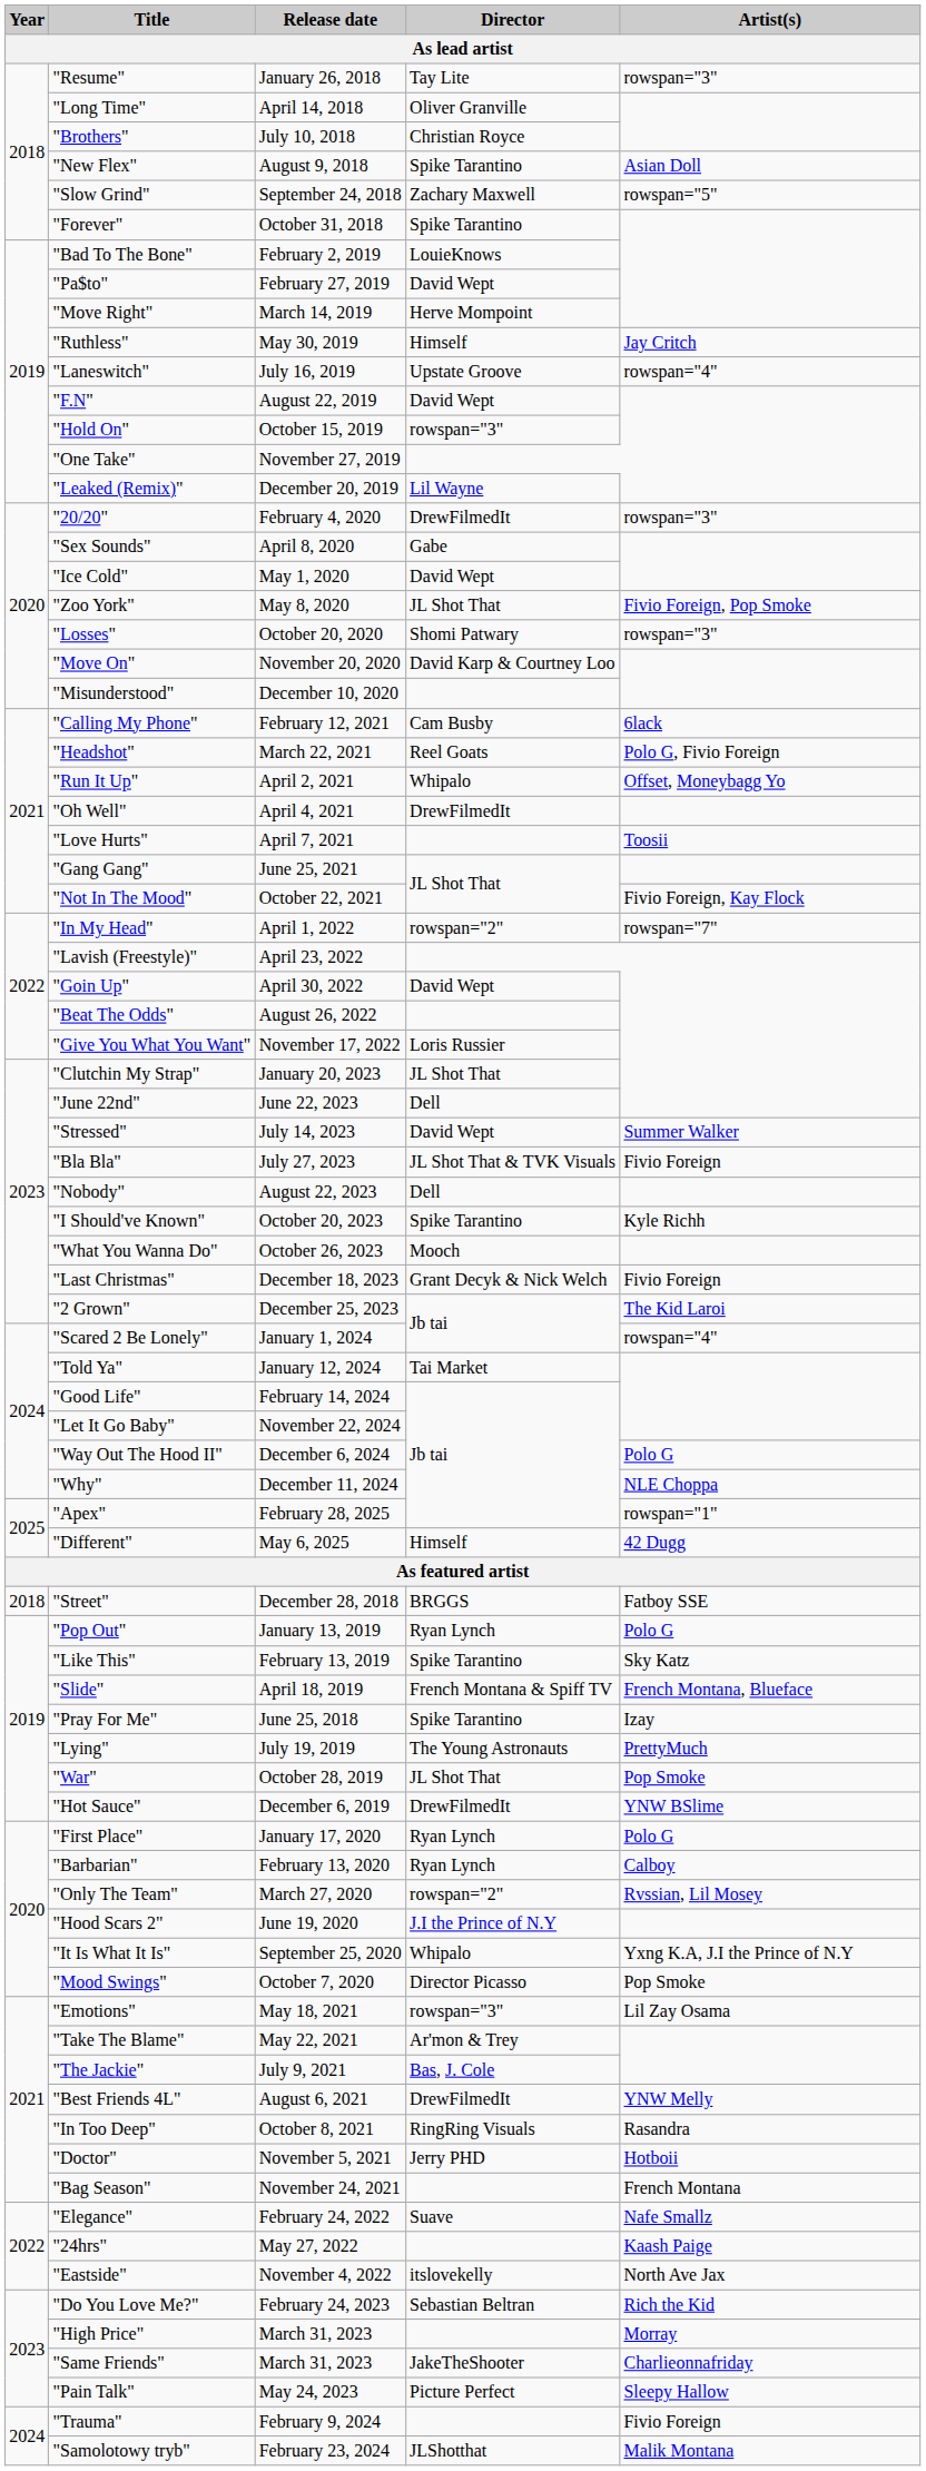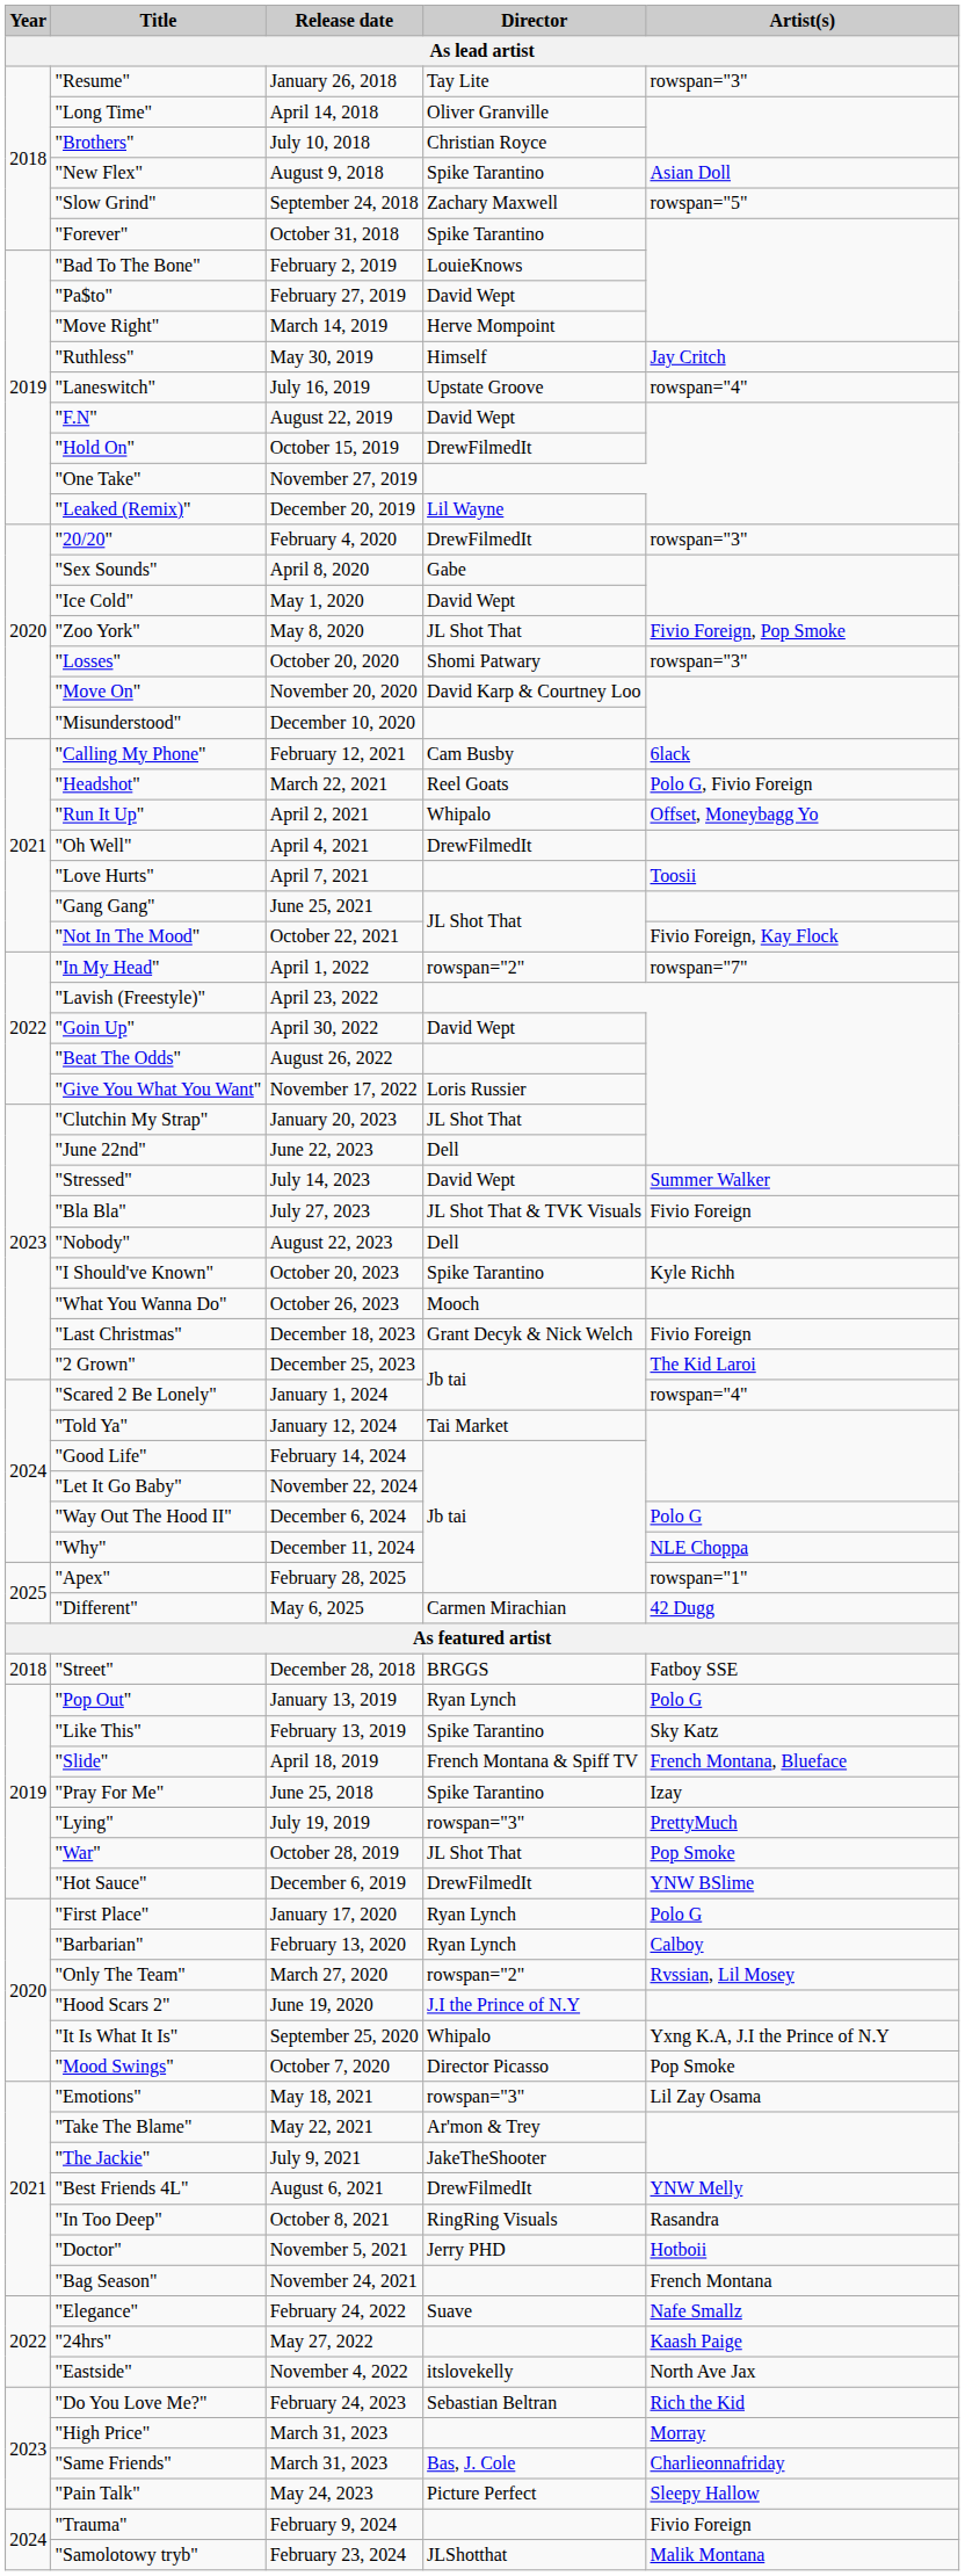 <table class="wikitable" style="font-size:95%">
 <tr>
 <th style="background:#ccc;">Year</th>
 <th style="background:#ccc;">Title</th>
 <th style="background:#ccc;">Release date</th>
 <th style="background:#ccc;">Director</th>
 <th style="background:#ccc; width:250px;">Artist(s)</th>
 </tr>
 <tr>
 <th scope="col" colspan="5">As lead artist</th>
 </tr>
 <tr>
 <td rowspan="6">2018</td>
 <td>"Resume"</td>
 <td>January 26, 2018</td>
 <td>Tay Lite</td>
 <td>rowspan="3" </td>
 </tr>
 <tr>
 <td>"Long Time"</td>
 <td>April 14, 2018</td>
 <td>Oliver Granville</td>
 </tr>
 <tr>
 <td>"<a href='#'>Brothers</a>"</td>
 <td>July 10, 2018</td>
 <td>Christian Royce</td>
 </tr>
 <tr>
 <td>"New Flex"</td>
 <td>August 9, 2018</td>
 <td>Spike Tarantino</td>
 <td><a href='#'>Asian Doll</a></td>
 </tr>
 <tr>
 <td>"Slow Grind"</td>
 <td>September 24, 2018</td>
 <td>Zachary Maxwell</td>
 <td>rowspan="5" </td>
 </tr>
 <tr>
 <td>"Forever"</td>
 <td>October 31, 2018</td>
 <td>Spike Tarantino</td>
 </tr>
 <tr>
 <td rowspan="9">2019</td>
 <td>"Bad To The Bone"</td>
 <td>February 2, 2019</td>
 <td>LouieKnows</td>
 </tr>
 <tr>
 <td>"Pa$to"</td>
 <td>February 27, 2019</td>
 <td>David Wept</td>
 </tr>
 <tr>
 <td>"Move Right"</td>
 <td>March 14, 2019</td>
 <td>Herve Mompoint</td>
 </tr>
 <tr>
 <td>"Ruthless"</td>
 <td>May 30, 2019</td>
 <td>Himself</td>
 <td><a href='#'>Jay Critch</a></td>
 </tr>
 <tr>
 <td>"Laneswitch"</td>
 <td>July 16, 2019</td>
 <td>Upstate Groove</td>
 <td>rowspan="4" </td>
 </tr>
 <tr>
 <td>"<a href='#'>F.N</a>"</td>
 <td>August 22, 2019</td>
 <td>David Wept</td>
 </tr>
 <tr>
 <td>"<a href='#'>Hold On</a>"</td>
 <td>October 15, 2019</td>
-<td>rowspan="3" </td>
+<td>DrewFilmedIt</td>
 </tr>
 <tr>
 <td>"One Take"</td>
 <td>November 27, 2019</td>
 </tr>
 <tr>
 <td>"<a href='#'>Leaked (Remix)</a>"</td>
 <td>December 20, 2019</td>
 <td><a href='#'>Lil Wayne</a></td>
 </tr>
 <tr>
 <td rowspan="7">2020</td>
 <td>"<a href='#'>20/20</a>"</td>
 <td>February 4, 2020</td>
 <td>DrewFilmedIt</td>
 <td>rowspan="3" </td>
 </tr>
 <tr>
 <td>"Sex Sounds"</td>
 <td>April 8, 2020</td>
 <td>Gabe</td>
 </tr>
 <tr>
 <td>"Ice Cold"</td>
 <td>May 1, 2020</td>
 <td>David Wept</td>
 </tr>
 <tr>
 <td>"Zoo York"</td>
 <td>May 8, 2020</td>
 <td>JL Shot That</td>
 <td><a href='#'>Fivio Foreign</a>, <a href='#'>Pop Smoke</a></td>
 </tr>
 <tr>
 <td>"<a href='#'>Losses</a>"</td>
 <td>October 20, 2020</td>
 <td>Shomi Patwary</td>
 <td>rowspan="3" </td>
 </tr>
 <tr>
 <td>"<a href='#'>Move On</a>"</td>
 <td>November 20, 2020</td>
 <td>David Karp & Courtney Loo</td>
 </tr>
 <tr>
 <td>"Misunderstood"</td>
 <td>December 10, 2020</td>
 <td></td>
 </tr>
 <tr>
 <td rowspan="7">2021</td>
 <td>"<a href='#'>Calling My Phone</a>"</td>
 <td>February 12, 2021</td>
 <td>Cam Busby</td>
 <td><a href='#'>6lack</a></td>
 </tr>
 <tr>
 <td>"<a href='#'>Headshot</a>"</td>
 <td>March 22, 2021</td>
 <td>Reel Goats</td>
 <td><a href='#'>Polo G</a>, Fivio Foreign</td>
 </tr>
 <tr>
 <td>"<a href='#'>Run It Up</a>"</td>
 <td>April 2, 2021</td>
 <td>Whipalo</td>
 <td><a href='#'>Offset</a>, <a href='#'>Moneybagg Yo</a></td>
 </tr>
 <tr>
 <td>"Oh Well"</td>
 <td>April 4, 2021</td>
 <td>DrewFilmedIt</td>
 <td></td>
 </tr>
 <tr>
 <td>"Love Hurts"</td>
 <td>April 7, 2021</td>
 <td></td>
 <td><a href='#'>Toosii</a></td>
 </tr>
 <tr>
 <td>"Gang Gang"</td>
 <td>June 25, 2021</td>
 <td rowspan="2">JL Shot That</td>
 <td></td>
 </tr>
 <tr>
 <td>"<a href='#'>Not In The Mood</a>"</td>
 <td>October 22, 2021</td>
 <td>Fivio Foreign, <a href='#'>Kay Flock</a></td>
 </tr>
 <tr>
 <td rowspan="5">2022</td>
 <td>"<a href='#'>In My Head</a>"</td>
 <td>April 1, 2022</td>
 <td>rowspan="2" </td>
 <td>rowspan="7" </td>
 </tr>
 <tr>
 <td>"Lavish (Freestyle)"</td>
 <td>April 23, 2022</td>
 </tr>
 <tr>
 <td>"<a href='#'>Goin Up</a>"</td>
 <td>April 30, 2022</td>
 <td>David Wept</td>
 </tr>
 <tr>
 <td>"<a href='#'>Beat The Odds</a>"</td>
 <td>August 26, 2022</td>
 <td></td>
 </tr>
 <tr>
 <td>"<a href='#'>Give You What You Want</a>"</td>
 <td>November 17, 2022</td>
 <td>Loris Russier</td>
 </tr>
 <tr>
 <td rowspan="9">2023</td>
 <td>"Clutchin My Strap"</td>
 <td>January 20, 2023</td>
 <td>JL Shot That</td>
 </tr>
 <tr>
 <td>"June 22nd"</td>
 <td>June 22, 2023</td>
 <td>Dell</td>
 </tr>
 <tr>
 <td>"Stressed"</td>
 <td>July 14, 2023</td>
 <td>David Wept</td>
 <td><a href='#'>Summer Walker</a></td>
 </tr>
 <tr>
 <td>"Bla Bla"</td>
 <td>July 27, 2023</td>
 <td>JL Shot That & TVK Visuals</td>
 <td>Fivio Foreign</td>
 </tr>
 <tr>
 <td>"Nobody"</td>
 <td>August 22, 2023</td>
 <td>Dell</td>
 <td></td>
 </tr>
 <tr>
 <td>"I Should've Known"</td>
 <td>October 20, 2023</td>
 <td>Spike Tarantino</td>
 <td>Kyle Richh</td>
 </tr>
 <tr>
 <td>"What You Wanna Do"</td>
 <td>October 26, 2023</td>
 <td>Mooch</td>
 <td></td>
 </tr>
 <tr>
 <td>"Last Christmas"</td>
 <td>December 18, 2023</td>
 <td>Grant Decyk & Nick Welch</td>
 <td>Fivio Foreign</td>
 </tr>
 <tr>
 <td>"2 Grown"</td>
 <td>December 25, 2023</td>
 <td rowspan="2">Jb tai</td>
 <td><a href='#'>The Kid Laroi</a></td>
 </tr>
 <tr>
 <td rowspan="6">2024</td>
 <td>"Scared 2 Be Lonely"</td>
 <td>January 1, 2024</td>
 <td>rowspan="4" </td>
 </tr>
 <tr>
 <td>"Told Ya"</td>
 <td>January 12, 2024</td>
 <td>Tai Market</td>
 </tr>
 <tr>
 <td>"Good Life"</td>
 <td>February 14, 2024</td>
 <td rowspan="5">Jb tai</td>
 </tr>
 <tr>
 <td>"Let It Go Baby"</td>
 <td>November 22, 2024</td>
 </tr>
 <tr>
 <td>"Way Out The Hood II"</td>
 <td>December 6, 2024</td>
 <td><a href='#'>Polo G</a></td>
 </tr>
 <tr>
 <td>"Why"</td>
 <td>December 11, 2024</td>
 <td><a href='#'>NLE Choppa</a></td>
 </tr>
 <tr>
 <td rowspan="2">2025</td>
 <td>"Apex"</td>
 <td>February 28, 2025</td>
 <td>rowspan="1" </td>
 </tr>
 <tr>
 <td>"Different"</td>
 <td>May 6, 2025</td>
-<td>Himself</td>
+<td>Carmen Mirachian</td>
 <td><a href='#'>42 Dugg</a></td>
 </tr>
 <tr>
 <th scope="col" colspan="5">As featured artist</th>
 </tr>
 <tr>
 <td>2018</td>
 <td>"Street"</td>
 <td>December 28, 2018</td>
 <td>BRGGS</td>
 <td>Fatboy SSE</td>
 </tr>
 <tr>
 <td rowspan="7">2019</td>
 <td>"<a href='#'>Pop Out</a>"</td>
 <td>January 13, 2019</td>
 <td>Ryan Lynch</td>
 <td><a href='#'>Polo G</a></td>
 </tr>
 <tr>
 <td>"Like This"</td>
 <td>February 13, 2019</td>
 <td>Spike Tarantino</td>
 <td>Sky Katz</td>
 </tr>
 <tr>
 <td>"<a href='#'>Slide</a>"</td>
 <td>April 18, 2019</td>
 <td>French Montana & Spiff TV</td>
 <td><a href='#'>French Montana</a>, <a href='#'>Blueface</a></td>
 </tr>
 <tr>
 <td>"Pray For Me"</td>
 <td>June 25, 2018</td>
 <td>Spike Tarantino</td>
 <td>Izay</td>
 </tr>
 <tr>
 <td>"Lying"</td>
 <td>July 19, 2019</td>
-<td>The Young Astronauts</td>
+<td>rowspan="3" </td>
 <td><a href='#'>PrettyMuch</a></td>
 </tr>
 <tr>
 <td>"<a href='#'>War</a>"</td>
 <td>October 28, 2019</td>
 <td>JL Shot That</td>
 <td><a href='#'>Pop Smoke</a></td>
 </tr>
 <tr>
 <td>"Hot Sauce"</td>
 <td>December 6, 2019</td>
 <td>DrewFilmedIt</td>
 <td><a href='#'>YNW BSlime</a></td>
 </tr>
 <tr>
 <td rowspan="6">2020</td>
 <td>"First Place"</td>
 <td>January 17, 2020</td>
 <td>Ryan Lynch</td>
 <td><a href='#'>Polo G</a></td>
 </tr>
 <tr>
 <td>"Barbarian"</td>
 <td>February 13, 2020</td>
 <td>Ryan Lynch</td>
 <td><a href='#'>Calboy</a></td>
 </tr>
 <tr>
 <td>"Only The Team"</td>
 <td>March 27, 2020</td>
 <td>rowspan="2" </td>
 <td><a href='#'>Rvssian</a>, <a href='#'>Lil Mosey</a></td>
 </tr>
 <tr>
 <td>"Hood Scars 2"</td>
 <td>June 19, 2020</td>
 <td><a href='#'>J.I the Prince of N.Y</a></td>
 </tr>
 <tr>
 <td>"It Is What It Is"</td>
 <td>September 25, 2020</td>
 <td>Whipalo</td>
 <td>Yxng K.A, J.I the Prince of N.Y</td>
 </tr>
 <tr>
 <td>"<a href='#'>Mood Swings</a>"</td>
 <td>October 7, 2020</td>
 <td>Director Picasso</td>
 <td>Pop Smoke</td>
 </tr>
 <tr>
 <td rowspan="7">2021</td>
 <td>"Emotions"</td>
 <td>May 18, 2021</td>
 <td>rowspan="3" </td>
 <td>Lil Zay Osama</td>
 </tr>
 <tr>
 <td>"Take The Blame"</td>
 <td>May 22, 2021</td>
 <td>Ar'mon & Trey</td>
 </tr>
 <tr>
 <td>"<a href='#'>The Jackie</a>"</td>
 <td>July 9, 2021</td>
-<td><a href='#'>Bas</a>, <a href='#'>J. Cole</a></td>
+<td>JakeTheShooter</td>
 </tr>
 <tr>
 <td>"Best Friends 4L"</td>
 <td>August 6, 2021</td>
 <td>DrewFilmedIt</td>
 <td><a href='#'>YNW Melly</a></td>
 </tr>
 <tr>
 <td>"In Too Deep"</td>
 <td>October 8, 2021</td>
 <td>RingRing Visuals</td>
 <td>Rasandra</td>
 </tr>
 <tr>
 <td>"Doctor"</td>
 <td>November 5, 2021</td>
 <td>Jerry PHD</td>
 <td><a href='#'>Hotboii</a></td>
 </tr>
 <tr>
 <td>"Bag Season"</td>
 <td>November 24, 2021</td>
 <td></td>
 <td>French Montana</td>
 </tr>
 <tr>
 <td rowspan="3">2022</td>
 <td>"Elegance"</td>
 <td>February 24, 2022</td>
 <td>Suave</td>
 <td><a href='#'>Nafe Smallz</a></td>
 </tr>
 <tr>
 <td>"24hrs"</td>
 <td>May 27, 2022</td>
 <td></td>
 <td><a href='#'>Kaash Paige</a></td>
 </tr>
 <tr>
 <td>"Eastside"</td>
 <td>November 4, 2022</td>
 <td>itslovekelly</td>
 <td>North Ave Jax</td>
 </tr>
 <tr>
 <td rowspan="4">2023</td>
 <td>"Do You Love Me?"</td>
 <td>February 24, 2023</td>
 <td>Sebastian Beltran</td>
 <td><a href='#'>Rich the Kid</a></td>
 </tr>
 <tr>
 <td>"High Price"</td>
 <td>March 31, 2023</td>
 <td></td>
 <td><a href='#'>Morray</a></td>
 </tr>
 <tr>
 <td>"Same Friends"</td>
 <td>March 31, 2023</td>
-<td>JakeTheShooter</td>
+<td><a href='#'>Bas</a>, <a href='#'>J. Cole</a></td>
 <td><a href='#'>Charlieonnafriday</a></td>
 </tr>
 <tr>
 <td>"Pain Talk"</td>
 <td>May 24, 2023</td>
 <td>Picture Perfect</td>
 <td><a href='#'>Sleepy Hallow</a></td>
 </tr>
 <tr>
 <td rowspan="2">2024</td>
 <td>"Trauma"</td>
 <td>February 9, 2024</td>
 <td></td>
 <td>Fivio Foreign</td>
 </tr>
 <tr>
 <td>"Samolotowy tryb"</td>
 <td>February 23, 2024</td>
 <td>JLShotthat</td>
 <td><a href='#'>Malik Montana</a></td>
 </tr>
 </table>
